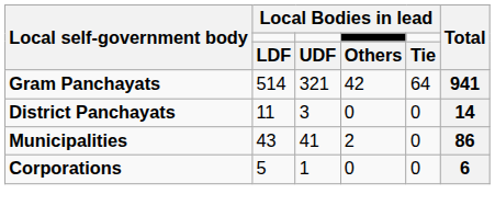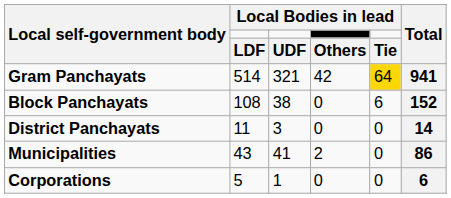 <table class="wikitable">
 <tr>
 <th rowspan="3">Local self-government body</th>
 <th colspan="4">Local Bodies in lead</th>
 <th rowspan="3">Total</th>
 </tr>
 <tr>
 <td style="background:"></td>
 <td style="background:"></td>
 <td style="background:black"></td>
 <td></td>
 </tr>
 <tr>
 <th>LDF</th>
 <th>UDF</th>
 <th>Others</th>
 <th>Tie</th>
 </tr>
 <tr>
 <td><strong>Gram Panchayats</strong></td>
 <td>514</td>
 <td>321</td>
 <td>42</td>
-<td>64</td>
+<td style="background: gold;">64</td>
 <th>941</th>
+</tr>
+<tr>
+<td><strong>Block Panchayats</strong></td>
+<td>108</td>
+<td>38</td>
+<td>0</td>
+<td>6</td>
+<th>152</th>
 </tr>
 <tr>
 <td><strong>District Panchayats</strong></td>
 <td>11</td>
 <td>3</td>
 <td>0</td>
 <td>0  </td>
 <th>14</th>
 </tr>
 <tr>
 <td><strong>Municipalities</strong></td>
 <td>43</td>
 <td>41</td>
 <td>2</td>
 <td>0  </td>
 <th>86</th>
 </tr>
 <tr>
 <td><strong>Corporations</strong></td>
 <td>5</td>
 <td>1</td>
 <td>0</td>
 <td>0</td>
 <th>6</th>
 </tr>
 </table>
